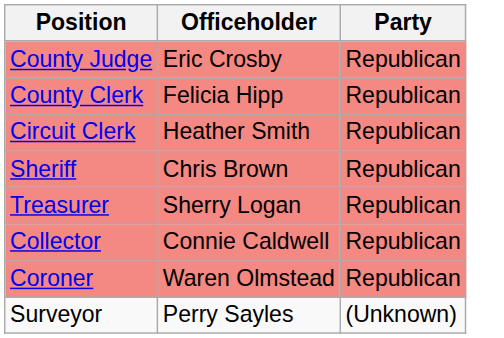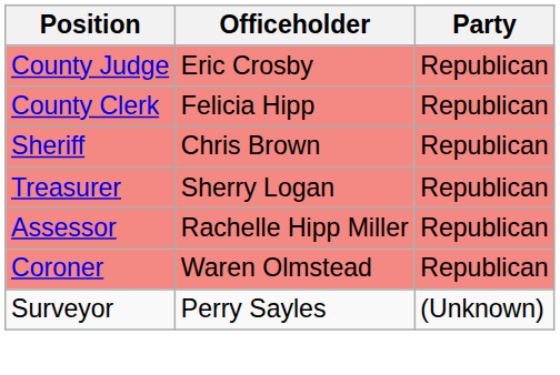 <table class="wikitable mw-collapsible">
 <tr>
 <th>Position</th>
 <th>Officeholder</th>
 <th>Party</th>
 </tr>
 <tr style="background-color: #F48882;">
 <td><a href='#'>County Judge</a></td>
 <td>Eric Crosby</td>
 <td>Republican</td>
 </tr>
 <tr style="background-color: #F48882;">
 <td><a href='#'>County Clerk</a></td>
 <td>Felicia Hipp</td>
 <td>Republican</td>
 </tr>
 <tr style="background-color: #F48882;">
-<td><a href='#'>Circuit Clerk</a></td>
-<td>Heather Smith</td>
-<td>Republican</td>
-</tr>
-<tr style="background-color: #F48882;">
 <td><a href='#'>Sheriff</a></td>
 <td>Chris Brown</td>
 <td>Republican</td>
 </tr>
 <tr style="background-color: #F48882;">
 <td><a href='#'>Treasurer</a></td>
 <td>Sherry Logan</td>
 <td>Republican</td>
 </tr>
 <tr style="background-color: #F48882;">
-<td><a href='#'>Collector</a></td>
-<td>Connie Caldwell</td>
+<td><a href='#'>Assessor</a></td>
+<td>Rachelle Hipp Miller</td>
 <td>Republican</td>
 </tr>
 <tr style="background-color: #F48882;">
 <td><a href='#'>Coroner</a></td>
 <td>Waren Olmstead</td>
 <td>Republican</td>
 </tr>
 <tr>
 <td>Surveyor</td>
 <td>Perry Sayles</td>
 <td>(Unknown)</td>
 </tr>
 </table>
